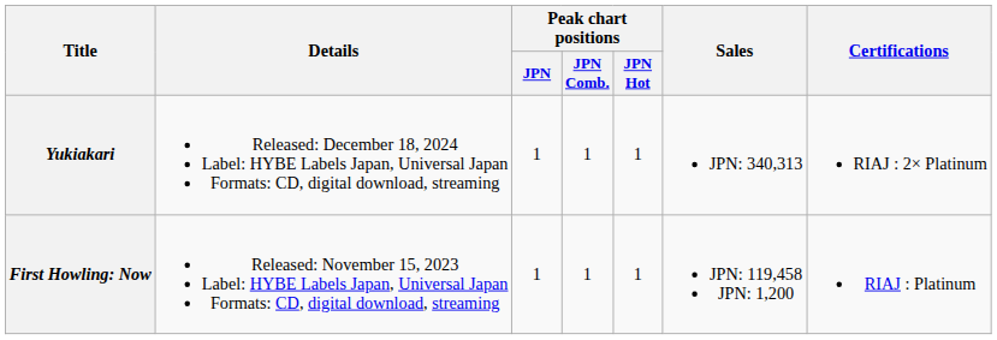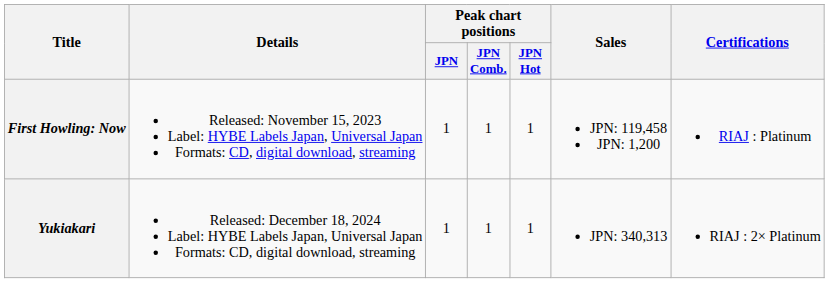 <table class="wikitable plainrowheaders" style="text-align:center">
 <tr>
 <th scope="col" rowspan="2">Title</th>
 <th scope="col" rowspan="2">Details</th>
 <th colspan="3" scope="col">Peak chart positions</th>
 <th scope="col" rowspan="2">Sales</th>
 <th scope="col" rowspan="2"><a href='#'>Certifications</a></th>
 </tr>
 <tr>
 <th scope="col" style="font-size:90%; width:2.75em"><a href='#'>JPN</a><br></th>
 <th scope="col" style="font-size:90%; width:2.75em"><a href='#'>JPN<br>Comb.</a><br></th>
 <th scope="col" style="font-size:90%; width:2.75em"><a href='#'>JPN<br>Hot</a><br></th>
 </tr>
 <tr>
+<th scope="row"><em>First Howling: Now</em></th>
+<td><br><ul><li>Released: November 15, 2023</li><li>Label: <a href='#'>HYBE Labels Japan</a>, <a href='#'>Universal Japan</a></li><li>Formats: <a href='#'>CD</a>, <a href='#'>digital download</a>, <a href='#'>streaming</a></li></ul></td>
+<td>1</td>
+<td>1</td>
+<td>1</td>
+<td><br><ul><li>JPN: 119,458 </li><li>JPN: 1,200 </li></ul></td>
+<td><br><ul><li><a href='#'>RIAJ</a> : Platinum</li></ul></td>
+</tr>
+<tr>
 <th scope="row"><em>Yukiakari</em></th>
 <td><br><ul><li>Released: December 18, 2024</li><li>Label: HYBE Labels Japan, Universal Japan</li><li>Formats: CD, digital download, streaming</li></ul></td>
 <td>1</td>
 <td>1</td>
 <td>1</td>
 <td><br><ul><li>JPN: 340,313 </li></ul></td>
 <td><br><ul><li>RIAJ : 2× Platinum</li></ul></td>
 </tr>
-<tr>
-<th scope="row"><em>First Howling: Now</em></th>
-<td><br><ul><li>Released: November 15, 2023</li><li>Label: <a href='#'>HYBE Labels Japan</a>, <a href='#'>Universal Japan</a></li><li>Formats: <a href='#'>CD</a>, <a href='#'>digital download</a>, <a href='#'>streaming</a></li></ul></td>
-<td>1</td>
-<td>1</td>
-<td>1</td>
-<td><br><ul><li>JPN: 119,458 </li><li>JPN: 1,200 </li></ul></td>
-<td><br><ul><li><a href='#'>RIAJ</a> : Platinum</li></ul></td>
-</tr>
 </table>
